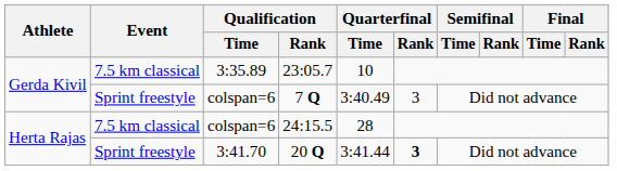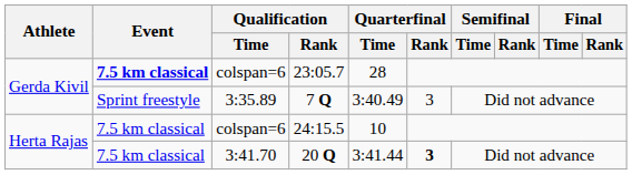 <table class="wikitable" style="font-size:90%">
 <tr>
 <th rowspan="2">Athlete</th>
 <th rowspan="2">Event</th>
 <th colspan="2">Qualification</th>
 <th colspan="2">Quarterfinal</th>
 <th colspan="2">Semifinal</th>
 <th colspan="2">Final</th>
 </tr>
 <tr style="font-size:95%">
 <th>Time</th>
 <th>Rank</th>
 <th>Time</th>
 <th>Rank</th>
 <th>Time</th>
 <th>Rank</th>
 <th>Time</th>
 <th>Rank</th>
 </tr>
 <tr align=center>
 <td align=left rowspan=2><a href='#'>Gerda Kivil</a></td>
-<td align=left><a href='#'>7.5 km classical</a></td>
-<td>3:35.89</td>
+<td align=left><strong><a href='#'>7.5 km classical</a></strong></td>
+<td>colspan=6</td>
 <td>23:05.7</td>
-<td>10</td>
+<td>28</td>
 </tr>
 <tr align=center>
 <td align=left><a href='#'>Sprint freestyle</a></td>
-<td>colspan=6</td>
+<td>3:35.89</td>
 <td>7 <strong>Q</strong></td>
 <td>3:40.49</td>
 <td>3</td>
 <td colspan=4>Did not advance</td>
 </tr>
 <tr align=center>
 <td align=left rowspan=2><a href='#'>Herta Rajas</a></td>
 <td align=left><a href='#'>7.5 km classical</a></td>
 <td>colspan=6</td>
 <td>24:15.5</td>
-<td>28</td>
+<td>10</td>
 </tr>
 <tr align=center>
-<td align=left><a href='#'>Sprint freestyle</a></td>
+<td align=left><a href='#'>7.5 km classical</a></td>
 <td>3:41.70</td>
 <td>20 <strong>Q</strong></td>
 <td>3:41.44</td>
 <td><strong>3</strong></td>
 <td colspan=4>Did not advance</td>
 </tr>
 </table>
